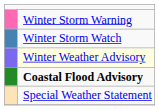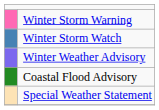 <table class="wikitable"  style="float:right; margin:1em; margin-top:0;">
 <tr>
 <td colspan="6" style="text-align:center;"></td>
 </tr>
 <tr>
 <td style="width:10px; height:10px; background:#ff69b4;"></td>
 <td> <a href='#'>Winter Storm Warning</a></td>
 </tr>
 <tr>
 <td style="width:10px; height:10px; background:#4682b4;"></td>
 <td> <a href='#'>Winter Storm Watch</a></td>
 </tr>
 <tr>
 <td style="width:10px; height:10px; background:#7b68ee;"></td>
-<td style="background: lightyellow;"> <a href='#'>Winter Weather Advisory</a></td>
+<td> <a href='#'>Winter Weather Advisory</a></td>
 </tr>
 <tr>
 <td style="width:10px; height:10px; background:#238b23;"></td>
-<td><strong> Coastal Flood Advisory</strong></td>
+<td> Coastal Flood Advisory</td>
 </tr>
 <tr>
 <td style="width:10px; height:10px; background:#fde3b5;"></td>
 <td> <a href='#'>Special Weather Statement</a></td>
 </tr>
 <tr>
 </tr>
 </table>
